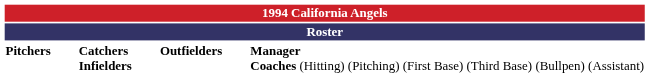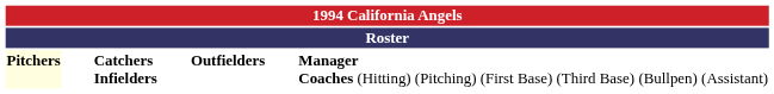 <table class="toccolours" style="font-size: 95%;">
 <tr>
 <th colspan="10" style="background-color: #CE2029; color: white; text-align: center;">1994 California Angels</th>
 </tr>
 <tr>
 <td colspan="10" style="background-color:#333366; color: white; text-align: center;"><strong>Roster</strong></td>
 </tr>
 <tr>
-<td valign="top"><strong>Pitchers</strong><br>                 </td>
+<td valign="top" style="background: lightyellow;"><strong>Pitchers</strong><br>                 </td>
 <td width="25px"></td>
 <td valign="top"><strong>Catchers</strong><br>    <strong>Infielders</strong>        </td>
 <td width="25px"></td>
 <td valign="top"><strong>Outfielders</strong><br>      </td>
 <td width="25px"></td>
 <td valign="top"><strong>Manager</strong><br>   <strong>Coaches</strong>  (Hitting)  (Pitching)  (First Base)  (Third Base)  (Bullpen)  (Assistant)</td>
 </tr>
 </table>
